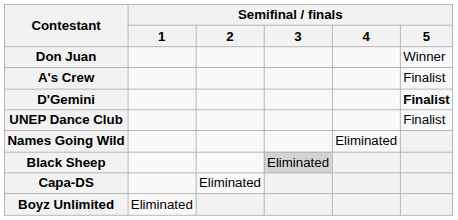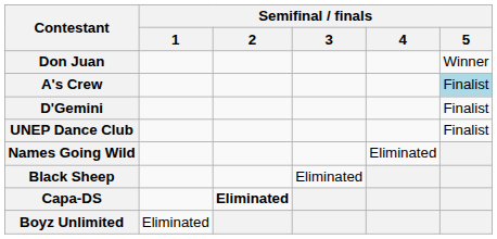 <table class="wikitable">
 <tr>
 <th rowspan=2>Contestant</th>
 <th colspan=12>Semifinal / finals</th>
 </tr>
 <tr>
 <th>1</th>
 <th>2</th>
 <th>3</th>
 <th>4</th>
 <th>5</th>
 </tr>
 <tr>
 <th>Don Juan</th>
 <td></td>
 <td></td>
 <td></td>
 <td></td>
 <td>Winner</td>
 </tr>
 <tr>
 <th>A's Crew</th>
 <td></td>
 <td></td>
 <td></td>
 <td></td>
-<td>Finalist</td>
+<td style="background: lightblue;">Finalist</td>
 </tr>
 <tr>
 <th>D'Gemini</th>
 <td></td>
 <td></td>
 <td></td>
 <td></td>
-<td><strong>Finalist</strong></td>
+<td>Finalist</td>
 </tr>
 <tr>
 <th>UNEP Dance Club</th>
 <td></td>
 <td></td>
 <td></td>
 <td></td>
 <td>Finalist</td>
 </tr>
 <tr>
 <th>Names Going Wild</th>
 <td></td>
 <td></td>
 <td></td>
 <td>Eliminated</td>
 <th></th>
 </tr>
 <tr>
 <th>Black Sheep</th>
 <td></td>
 <td></td>
-<td style="background: lightgrey;">Eliminated</td>
+<td>Eliminated</td>
 <th></th>
 <th></th>
 </tr>
 <tr>
 <th>Capa-DS</th>
 <td></td>
-<td>Eliminated</td>
+<td><strong>Eliminated</strong></td>
 <th></th>
 <th></th>
 <th></th>
 </tr>
 <tr>
 <th>Boyz Unlimited</th>
 <td>Eliminated</td>
 <th></th>
 <th></th>
 <th></th>
 <th></th>
 </tr>
 </table>
